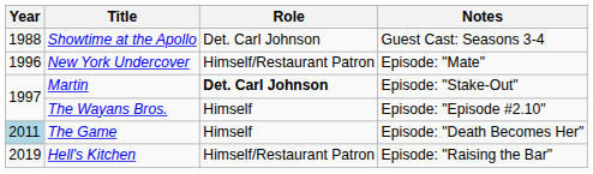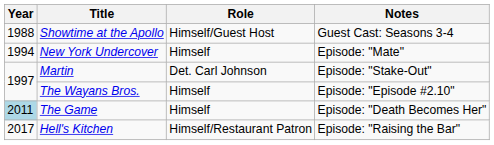 <table class="wikitable plainrowheaders sortable" style="margin–right: 0;">
 <tr>
 <th>Year</th>
 <th>Title</th>
 <th>Role</th>
 <th>Notes</th>
 </tr>
 <tr>
 <td>1988</td>
 <td><em><a href='#'>Showtime at the Apollo</a></em></td>
-<td>Det. Carl Johnson</td>
+<td>Himself/Guest Host</td>
 <td>Guest Cast: Seasons 3-4</td>
 </tr>
 <tr>
-<td>1996</td>
+<td>1994</td>
 <td><em><a href='#'>New York Undercover</a></em></td>
-<td>Himself/Restaurant Patron</td>
+<td>Himself</td>
 <td>Episode: "Mate"</td>
 </tr>
 <tr>
 <td rowspan=2>1997</td>
 <td><em><a href='#'>Martin</a></em></td>
-<td><strong>Det. Carl Johnson</strong></td>
+<td>Det. Carl Johnson</td>
 <td>Episode: "Stake-Out"</td>
 </tr>
 <tr>
 <td><em><a href='#'>The Wayans Bros.</a></em></td>
 <td>Himself</td>
 <td>Episode: "Episode #2.10"</td>
 </tr>
 <tr>
 <td style="background: lightblue;">2011</td>
 <td><em><a href='#'>The Game</a></em></td>
 <td>Himself</td>
 <td>Episode: "Death Becomes Her"</td>
 </tr>
 <tr>
-<td>2019</td>
+<td>2017</td>
 <td><em><a href='#'>Hell's Kitchen</a></em></td>
 <td>Himself/Restaurant Patron</td>
 <td>Episode: "Raising the Bar"</td>
 </tr>
 </table>
